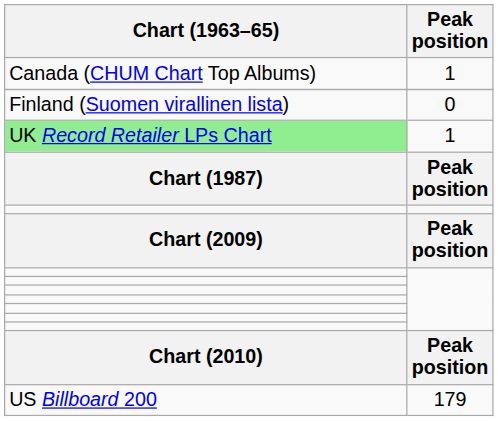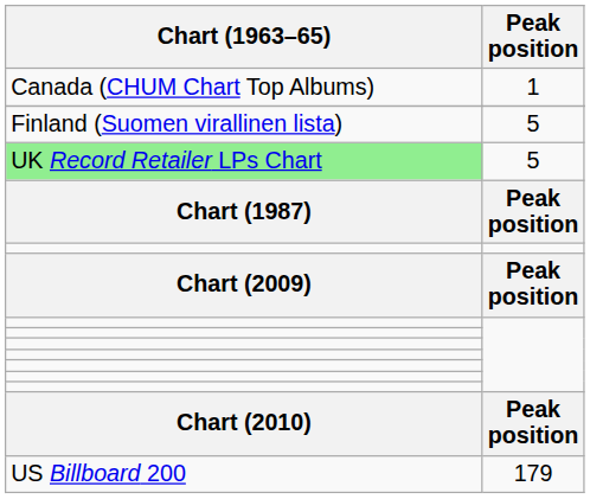 <table class="wikitable sortable">
 <tr>
 <th style="width:20em;">Chart (1963–65)</th>
 <th>Peak<br>position</th>
 </tr>
 <tr>
 <td>Canada (<a href='#'>CHUM Chart</a> Top Albums)</td>
 <td align="center">1</td>
 </tr>
 <tr>
 </tr>
 <tr>
 <td>Finland (<a href='#'>Suomen virallinen lista</a>)</td>
-<td align="center">0</td>
+<td align="center">5</td>
 </tr>
 <tr>
 <td align="left" style="background: lightgreen;">UK <a href='#'><em>Record Retailer</em> LPs Chart</a></td>
-<td align="center">1</td>
+<td align="center">5</td>
 </tr>
 <tr>
 <th style="width:20em;">Chart (1987)</th>
 <th>Peak<br>position</th>
 </tr>
 <tr>
 <td></td>
 </tr>
 <tr>
 <th style="width:20em;">Chart (2009)</th>
 <th>Peak<br>position</th>
 </tr>
 <tr>
 <td></td>
 </tr>
 <tr>
 <td></td>
 </tr>
 <tr>
 <td></td>
 </tr>
 <tr>
 <td></td>
 </tr>
 <tr>
 <td></td>
 </tr>
 <tr>
 <td></td>
 </tr>
 <tr>
 <td></td>
 </tr>
 <tr>
 <th style="width:20em;">Chart (2010)</th>
 <th>Peak<br>position</th>
 </tr>
 <tr>
 <td>US <a href='#'><em>Billboard</em> 200</a></td>
 <td align="center">179</td>
 </tr>
 </table>
